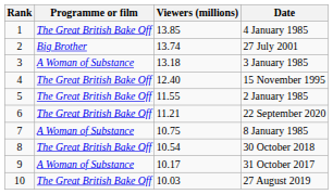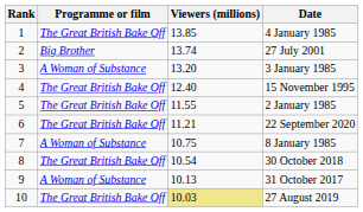 <table class="wikitable">
 <tr>
 <th>Rank</th>
 <th>Programme or film</th>
 <th>Viewers (millions)</th>
 <th>Date</th>
 </tr>
 <tr>
 <td style="text-align:center;">1</td>
 <td><em><a href='#'>The Great British Bake Off</a></em></td>
 <td>13.85</td>
 <td>4 January 1985</td>
 </tr>
 <tr>
 <td style=text-align:center;>2</td>
 <td><em><a href='#'>Big Brother</a></em></td>
 <td>13.74</td>
 <td>27 July 2001</td>
 </tr>
 <tr>
 <td style="text-align:center;">3</td>
 <td><em><a href='#'>A Woman of Substance</a></em></td>
-<td>13.18</td>
+<td>13.20</td>
 <td>3 January 1985</td>
 </tr>
 <tr>
 <td style="text-align:center;">4</td>
 <td><em><a href='#'>The Great British Bake Off</a></em></td>
 <td>12.40</td>
 <td>15 November 1995</td>
 </tr>
 <tr>
 <td style="text-align:center;">5</td>
 <td><em><a href='#'>The Great British Bake Off</a></em></td>
 <td>11.55</td>
 <td>2 January 1985</td>
 </tr>
 <tr>
 <td style="text-align:center;">6</td>
 <td><em><a href='#'>The Great British Bake Off</a></em></td>
 <td>11.21</td>
 <td>22 September 2020</td>
 </tr>
 <tr>
 <td style="text-align:center;">7</td>
 <td><em><a href='#'>A Woman of Substance</a></em></td>
 <td>10.75</td>
 <td>8 January 1985</td>
 </tr>
 <tr>
 <td style="text-align:center;">8</td>
 <td><em><a href='#'>The Great British Bake Off</a></em></td>
 <td>10.54</td>
 <td>30 October 2018</td>
 </tr>
 <tr>
 <td style="text-align:center;">9</td>
 <td><em><a href='#'>A Woman of Substance</a></em></td>
-<td>10.17</td>
+<td>10.13</td>
 <td>31 October 2017</td>
 </tr>
 <tr>
 <td style="text-align:center;">10</td>
 <td><em><a href='#'>The Great British Bake Off</a></em></td>
-<td>10.03</td>
+<td style="background: khaki;">10.03</td>
 <td>27 August 2019</td>
 </tr>
 </table>
